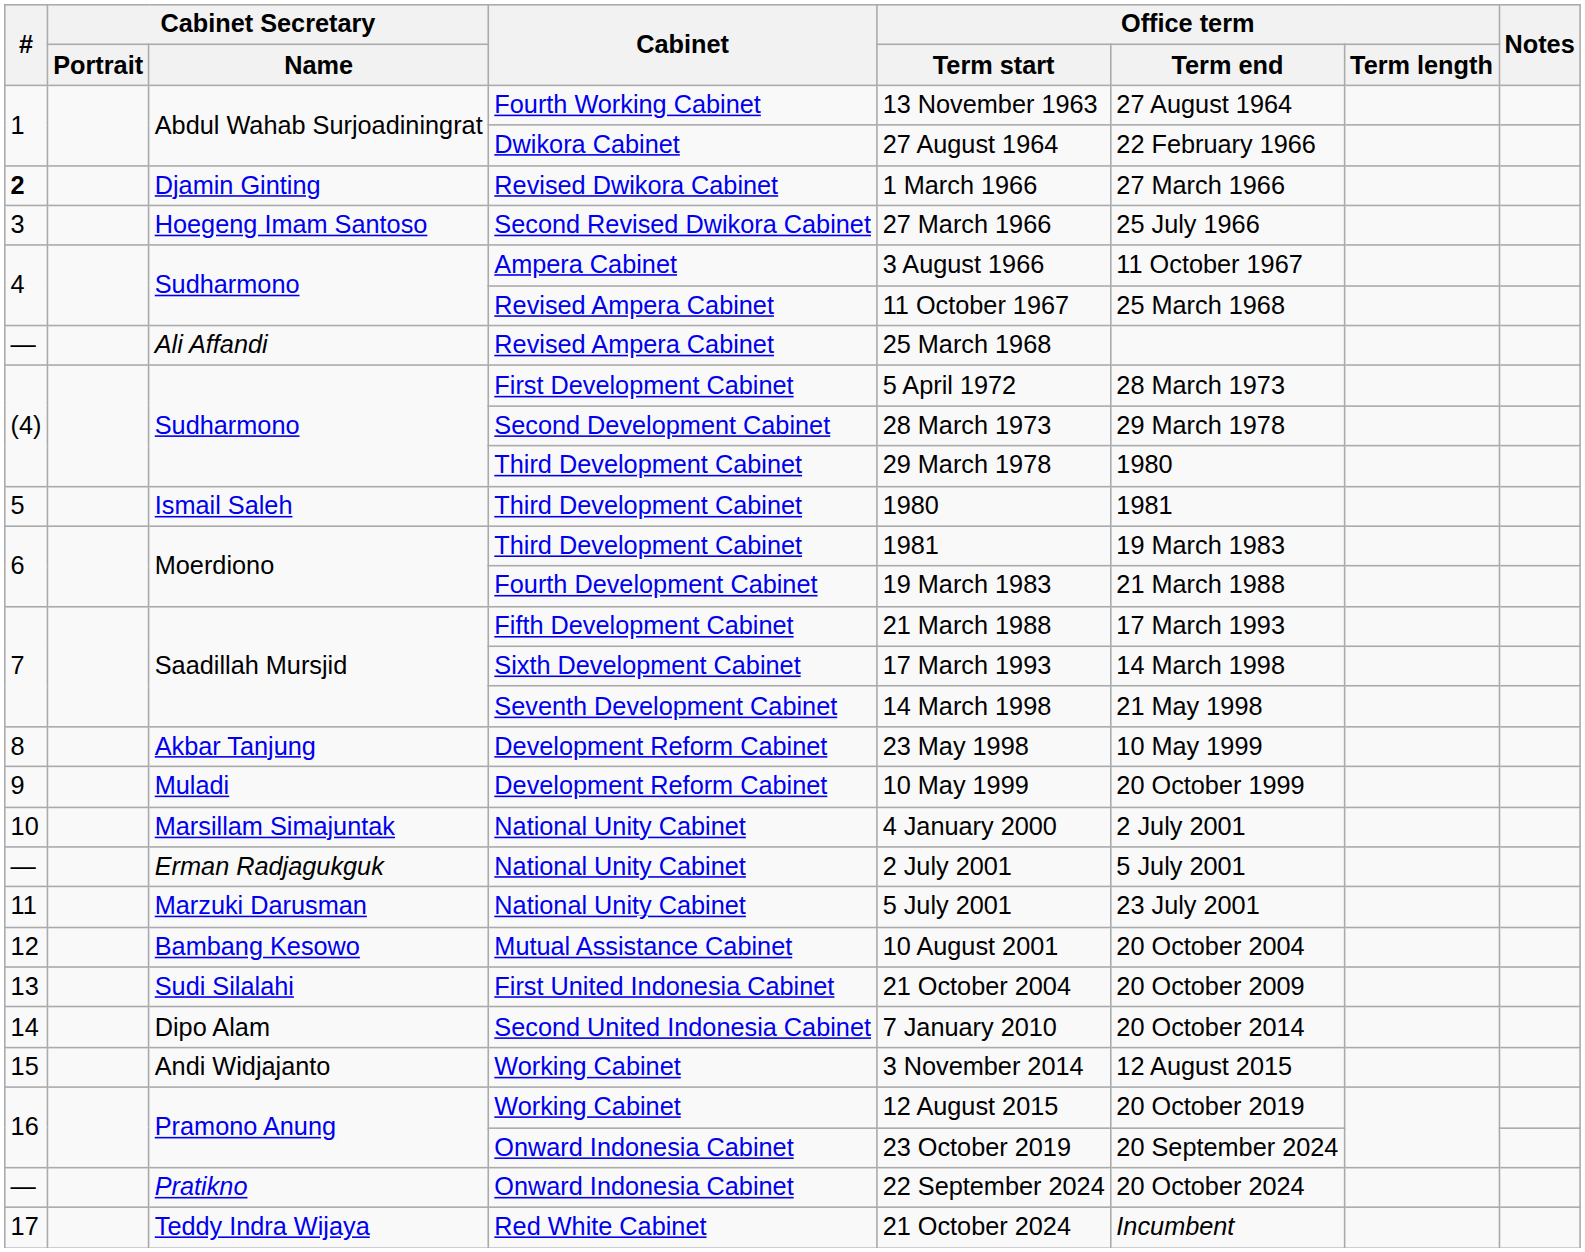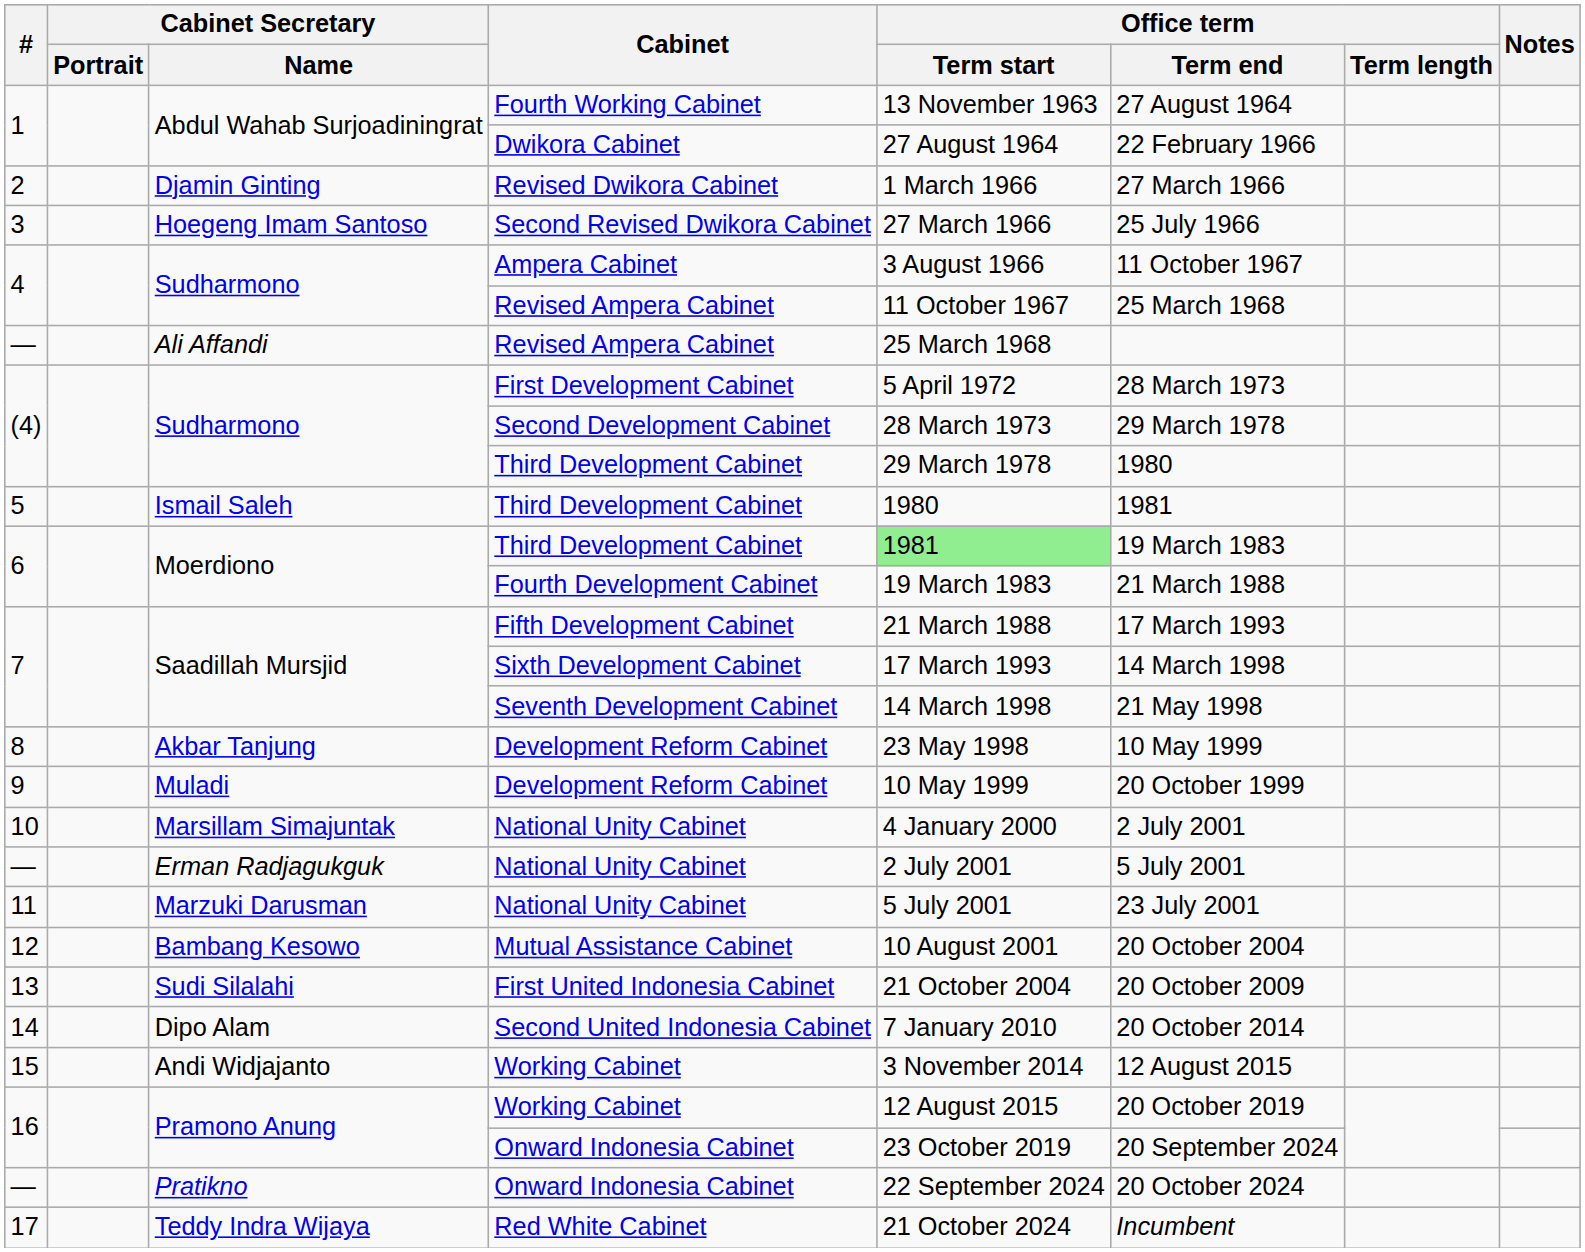 <table class="wikitable">
 <tr>
 <th rowspan="2">#</th>
 <th colspan="2">Cabinet Secretary</th>
 <th rowspan="2">Cabinet</th>
 <th colspan="3">Office term</th>
 <th rowspan="2">Notes</th>
 </tr>
 <tr>
 <th>Portrait</th>
 <th>Name</th>
 <th>Term start</th>
 <th>Term end</th>
 <th>Term length</th>
 </tr>
 <tr>
 <td rowspan="2">1</td>
 <td rowspan="2"></td>
 <td rowspan="2">Abdul Wahab Surjoadiningrat</td>
 <td><a href='#'>Fourth Working Cabinet</a></td>
 <td>13 November 1963</td>
 <td>27 August 1964</td>
 <td></td>
 <td></td>
 </tr>
 <tr>
 <td><a href='#'>Dwikora Cabinet</a></td>
 <td>27 August 1964</td>
 <td>22 February 1966</td>
 <td></td>
 <td></td>
 </tr>
 <tr>
-<td><strong>2</strong></td>
+<td>2</td>
 <td></td>
 <td><a href='#'>Djamin Ginting</a></td>
 <td><a href='#'>Revised Dwikora Cabinet</a></td>
 <td>1 March 1966</td>
 <td>27 March 1966</td>
 <td></td>
 <td></td>
 </tr>
 <tr>
 <td>3</td>
 <td></td>
 <td><a href='#'>Hoegeng Imam Santoso</a></td>
 <td><a href='#'>Second Revised Dwikora Cabinet</a></td>
 <td>27 March 1966</td>
 <td>25 July 1966</td>
 <td></td>
 <td></td>
 </tr>
 <tr>
 <td rowspan="2">4</td>
 <td rowspan="2"></td>
 <td rowspan="2"><a href='#'>Sudharmono</a></td>
 <td><a href='#'>Ampera Cabinet</a></td>
 <td>3 August 1966</td>
 <td>11 October 1967</td>
 <td></td>
 <td></td>
 </tr>
 <tr>
 <td><a href='#'>Revised Ampera Cabinet</a></td>
 <td>11 October 1967</td>
 <td>25 March 1968</td>
 <td></td>
 <td></td>
 </tr>
 <tr>
 <td>—</td>
 <td></td>
 <td><em>Ali Affandi</em></td>
 <td><a href='#'>Revised Ampera Cabinet</a></td>
 <td>25 March 1968</td>
 <td></td>
 <td></td>
 <td> </td>
 </tr>
 <tr>
 <td rowspan="3">(4)</td>
 <td rowspan="3"></td>
 <td rowspan="3"><a href='#'>Sudharmono</a></td>
 <td><a href='#'>First Development Cabinet</a></td>
 <td>5 April 1972</td>
 <td>28 March 1973</td>
 <td></td>
 <td></td>
 </tr>
 <tr>
 <td><a href='#'>Second Development Cabinet</a></td>
 <td>28 March 1973</td>
 <td>29 March 1978</td>
 <td></td>
 <td></td>
 </tr>
 <tr>
 <td><a href='#'>Third Development Cabinet</a></td>
 <td>29 March 1978</td>
 <td>1980</td>
 <td></td>
 <td></td>
 </tr>
 <tr>
 <td>5</td>
 <td></td>
 <td><a href='#'>Ismail Saleh</a></td>
 <td><a href='#'>Third Development Cabinet</a></td>
 <td>1980</td>
 <td>1981</td>
 <td></td>
 <td></td>
 </tr>
 <tr>
 <td rowspan="2">6</td>
 <td rowspan="2"></td>
 <td rowspan="2">Moerdiono</td>
 <td><a href='#'>Third Development Cabinet</a></td>
-<td>1981</td>
+<td style="background: lightgreen;">1981</td>
 <td>19 March 1983</td>
 <td></td>
 <td></td>
 </tr>
 <tr>
 <td><a href='#'>Fourth Development Cabinet</a></td>
 <td>19 March 1983</td>
 <td>21 March 1988</td>
 <td></td>
 <td></td>
 </tr>
 <tr>
 <td rowspan="3">7</td>
 <td rowspan="3"></td>
 <td rowspan="3">Saadillah Mursjid</td>
 <td><a href='#'>Fifth Development Cabinet</a></td>
 <td>21 March 1988</td>
 <td>17 March 1993</td>
 <td></td>
 <td></td>
 </tr>
 <tr>
 <td><a href='#'>Sixth Development Cabinet</a></td>
 <td>17 March 1993</td>
 <td>14 March 1998</td>
 <td></td>
 <td></td>
 </tr>
 <tr>
 <td><a href='#'>Seventh Development Cabinet</a></td>
 <td>14 March 1998</td>
 <td>21 May 1998</td>
 <td></td>
 <td></td>
 </tr>
 <tr>
 <td>8</td>
 <td></td>
 <td><a href='#'>Akbar Tanjung</a></td>
 <td><a href='#'>Development Reform Cabinet</a></td>
 <td>23 May 1998</td>
 <td>10 May 1999</td>
 <td></td>
 <td></td>
 </tr>
 <tr>
 <td>9</td>
 <td></td>
 <td><a href='#'>Muladi</a></td>
 <td><a href='#'>Development Reform Cabinet</a></td>
 <td>10 May 1999</td>
 <td>20 October 1999</td>
 <td></td>
 <td></td>
 </tr>
 <tr>
 <td>10</td>
 <td></td>
 <td><a href='#'>Marsillam Simajuntak</a></td>
 <td><a href='#'>National Unity Cabinet</a></td>
 <td>4 January 2000</td>
 <td>2 July 2001</td>
 <td></td>
 <td></td>
 </tr>
 <tr>
 <td>—</td>
 <td></td>
 <td><em>Erman Radjagukguk</em></td>
 <td><a href='#'>National Unity Cabinet</a></td>
 <td>2 July 2001</td>
 <td>5 July 2001</td>
 <td></td>
 <td></td>
 </tr>
 <tr>
 <td>11</td>
 <td></td>
 <td><a href='#'>Marzuki Darusman</a></td>
 <td><a href='#'>National Unity Cabinet</a></td>
 <td>5 July 2001</td>
 <td>23 July 2001</td>
 <td></td>
 <td></td>
 </tr>
 <tr>
 <td>12</td>
 <td></td>
 <td><a href='#'>Bambang Kesowo</a></td>
 <td><a href='#'>Mutual Assistance Cabinet</a></td>
 <td>10 August 2001</td>
 <td>20 October 2004</td>
 <td></td>
 <td></td>
 </tr>
 <tr>
 <td>13</td>
 <td></td>
 <td><a href='#'>Sudi Silalahi</a></td>
 <td><a href='#'>First United Indonesia Cabinet</a></td>
 <td>21 October 2004</td>
 <td>20 October 2009</td>
 <td></td>
 <td></td>
 </tr>
 <tr>
 <td>14</td>
 <td></td>
 <td>Dipo Alam</td>
 <td><a href='#'>Second United Indonesia Cabinet</a></td>
 <td>7 January 2010</td>
 <td>20 October 2014</td>
 <td></td>
 <td></td>
 </tr>
 <tr>
 <td>15</td>
 <td></td>
 <td>Andi Widjajanto</td>
 <td><a href='#'>Working Cabinet</a></td>
 <td>3 November 2014</td>
 <td>12 August 2015</td>
 <td></td>
 <td></td>
 </tr>
 <tr>
 <td rowspan="2">16</td>
 <td rowspan="2"></td>
 <td rowspan="2"><a href='#'>Pramono Anung</a></td>
 <td><a href='#'>Working Cabinet</a></td>
 <td>12 August 2015</td>
 <td>20 October 2019</td>
 <td rowspan=2></td>
 <td></td>
 </tr>
 <tr>
 <td><a href='#'>Onward Indonesia Cabinet</a></td>
 <td>23 October 2019</td>
 <td>20 September 2024</td>
 <td></td>
 </tr>
 <tr>
 <td>—</td>
 <td></td>
 <td><em><a href='#'>Pratikno</a></em></td>
 <td><a href='#'>Onward Indonesia Cabinet</a></td>
 <td>22 September 2024</td>
 <td>20 October 2024</td>
 <td></td>
 <td></td>
 </tr>
 <tr>
 <td>17</td>
 <td></td>
 <td><a href='#'>Teddy Indra Wijaya</a></td>
 <td><a href='#'>Red White Cabinet</a></td>
 <td>21 October 2024</td>
 <td><em>Incumbent</em></td>
 <td></td>
 <td></td>
 </tr>
 </table>
